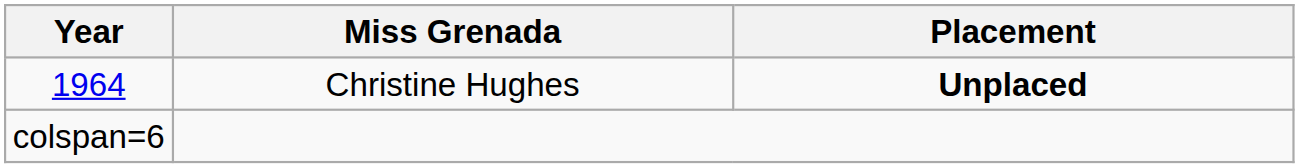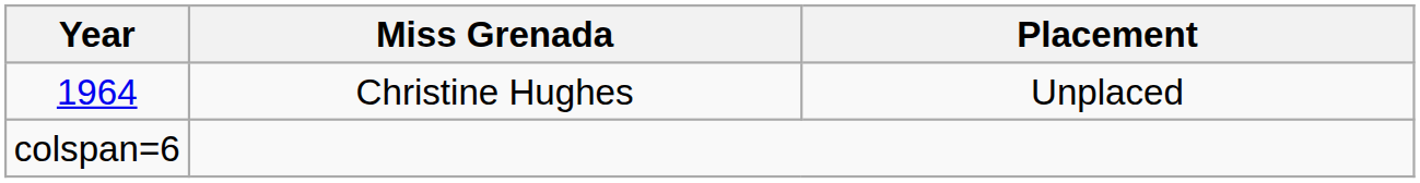 <table class="wikitable sortable" style="font-size: 95%; text-align:center">
 <tr>
 <th width="60">Year</th>
 <th width="250">Miss Grenada</th>
 <th width="250">Placement</th>
 </tr>
 <tr>
 <td><a href='#'>1964</a></td>
 <td>Christine Hughes</td>
-<td><strong>Unplaced</strong></td>
+<td>Unplaced</td>
 </tr>
 <tr>
 <td>colspan=6 </td>
 </tr>
 </table>
